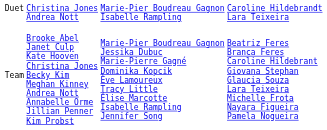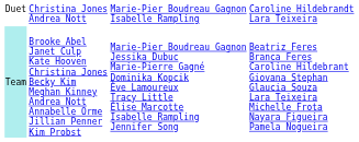 <table>
 <tr>
 <td>Duet</td>
 <td><br><a href='#'>Christina Jones</a><br><a href='#'>Andrea Nott</a></td>
 <td><br><a href='#'>Marie-Pier Boudreau Gagnon</a><br><a href='#'>Isabelle Rampling</a></td>
 <td><br><a href='#'>Caroline Hildebrandt</a><br><a href='#'>Lara Teixeira</a></td>
 </tr>
 <tr>
-<td>Team</td>
+<td style="background: paleturquoise;">Team</td>
 <td><br><a href='#'>Brooke Abel</a><br><a href='#'>Janet Culp</a><br><a href='#'>Kate Hooven</a><br><a href='#'>Christina Jones</a><br><a href='#'>Becky Kim</a><br><a href='#'>Meghan Kinney</a><br><a href='#'>Andrea Nott</a><br><a href='#'>Annabelle Orme</a><br><a href='#'>Jillian Penner</a><br><a href='#'>Kim Probst</a></td>
 <td><br><a href='#'>Marie-Pier Boudreau Gagnon</a><br><a href='#'>Jessika Dubuc</a><br><a href='#'>Marie-Pierre Gagné</a><br><a href='#'>Dominika Kopcik</a><br><a href='#'>Ève Lamoureux</a><br><a href='#'>Tracy Little</a><br><a href='#'>Élise Marcotte</a><br><a href='#'>Isabelle Rampling</a><br><a href='#'>Jennifer Song</a></td>
 <td><br><a href='#'>Beatriz Feres</a><br><a href='#'>Branca Feres</a><br><a href='#'>Caroline Hildebrant</a><br><a href='#'>Giovana Stephan</a><br><a href='#'>Glaucia Souza</a><br><a href='#'>Lara Teixeira</a><br><a href='#'>Michelle Frota</a><br><a href='#'>Nayara Figueira</a><br><a href='#'>Pamela Nogueira</a></td>
 </tr>
 </table>
